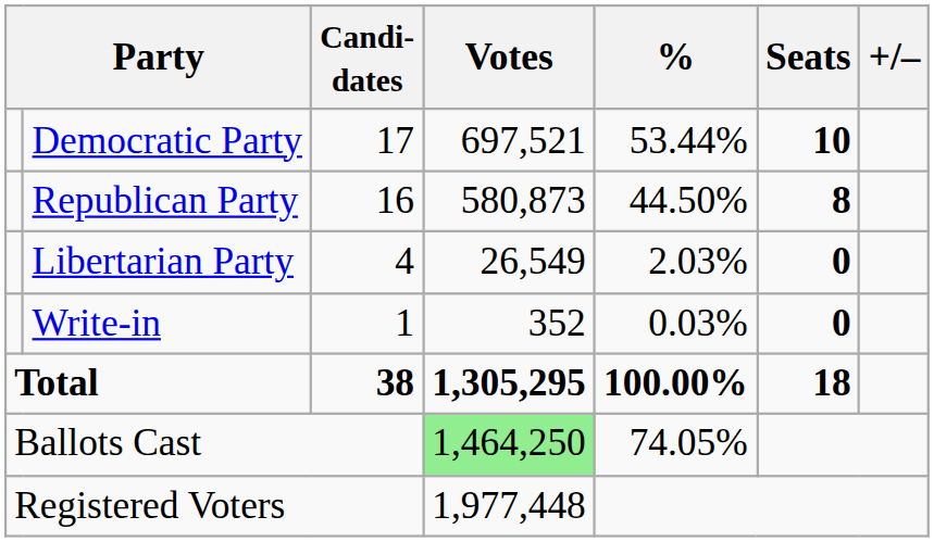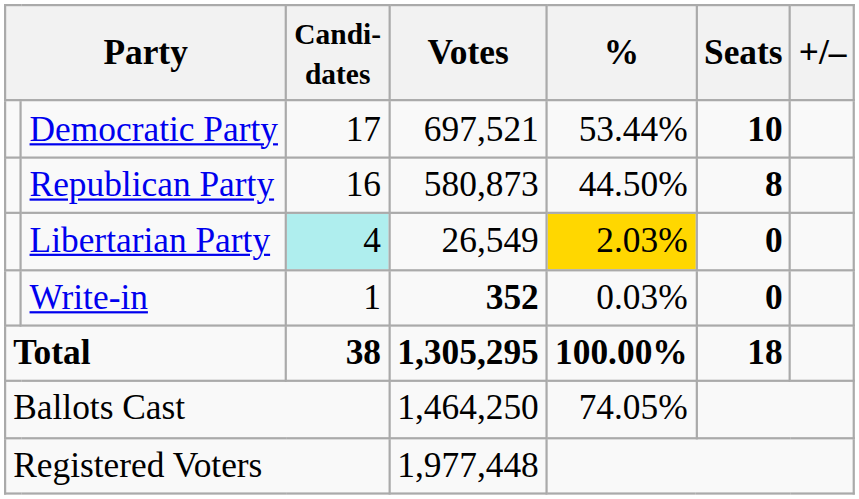 <table class="wikitable" style="font-size:100%; text-align:right;">
 <tr>
 <th colspan=2>Party</th>
 <th><small>Candi-<br>dates</small></th>
 <th>Votes</th>
 <th>%</th>
 <th>Seats</th>
 <th>+/–</th>
 </tr>
 <tr>
 <td style="background:"></td>
 <td align=left><a href='#'>Democratic Party</a></td>
 <td>17</td>
 <td>697,521</td>
 <td>53.44%</td>
 <td><strong>10</strong></td>
 <td></td>
 </tr>
 <tr>
 <td style="background:"></td>
 <td align=left><a href='#'>Republican Party</a></td>
 <td>16</td>
 <td>580,873</td>
 <td>44.50%</td>
 <td><strong>8</strong></td>
 <td></td>
 </tr>
 <tr>
 <td style="background:"></td>
 <td align=left><a href='#'>Libertarian Party</a></td>
-<td>4</td>
+<td style="background: paleturquoise;">4</td>
 <td>26,549</td>
-<td>2.03%</td>
+<td style="background: gold;">2.03%</td>
 <td><strong>0</strong></td>
 <td></td>
 </tr>
 <tr>
 <td style="background:"></td>
 <td align=left><a href='#'>Write-in</a></td>
 <td>1</td>
-<td>352</td>
+<td><strong>352</strong></td>
 <td>0.03%</td>
 <td><strong>0</strong></td>
 <td></td>
 </tr>
 <tr style="font-weight:bold">
 <td colspan=2 align=left>Total</td>
 <td>38</td>
 <td>1,305,295</td>
 <td>100.00%</td>
 <td>18</td>
 <td></td>
 </tr>
 <tr>
 <td colspan=3 align=left>Ballots Cast</td>
-<td style="background: lightgreen;">1,464,250</td>
+<td>1,464,250</td>
 <td>74.05%</td>
 <td colspan=2></td>
 </tr>
 <tr>
 <td colspan=3 align=left>Registered Voters</td>
 <td>1,977,448</td>
 <td colspan=3></td>
 </tr>
 </table>
